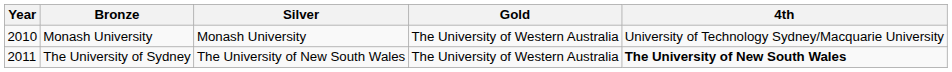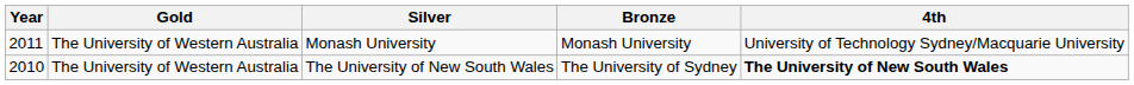 <table class="wikitable">
 <tr>
 <th>Year</th>
+<th>Gold</th>
+<th>Silver</th>
 <th>Bronze</th>
-<th>Silver</th>
-<th>Gold</th>
 <th>4th</th>
 </tr>
 <tr>
-<td>2010</td>
+<td>2011</td>
+<td>The University of Western Australia</td>
 <td>Monash University</td>
 <td>Monash University</td>
-<td>The University of Western Australia</td>
 <td>University of Technology Sydney/Macquarie University</td>
 </tr>
 <tr>
-<td>2011</td>
+<td>2010</td>
+<td>The University of Western Australia</td>
+<td>The University of New South Wales</td>
 <td>The University of Sydney</td>
-<td>The University of New South Wales</td>
-<td>The University of Western Australia</td>
 <td><strong>The University of New South Wales</strong></td>
 </tr>
 </table>
